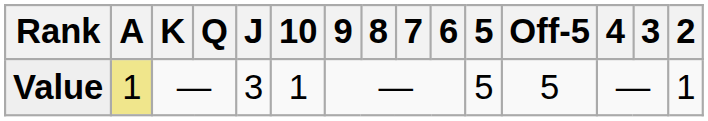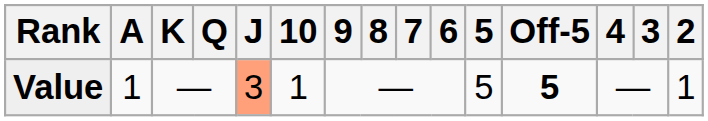 <table class="wikitable">
 <tr>
 <th>Rank</th>
 <th>A</th>
 <th>K</th>
 <th>Q</th>
 <th>J</th>
 <th>10</th>
 <th>9</th>
 <th>8</th>
 <th>7</th>
 <th>6</th>
 <th>5</th>
 <th>Off-5</th>
 <th>4</th>
 <th>3</th>
 <th>2</th>
 </tr>
 <tr align="center">
 <td style="background:#efefef;"><strong>Value</strong></td>
-<td style="background: khaki;">1</td>
+<td>1</td>
 <td colspan=2>—</td>
-<td>3</td>
+<td style="background: lightsalmon;">3</td>
 <td>1</td>
 <td colspan=4>—</td>
 <td>5</td>
-<td>5</td>
+<td><strong>5</strong></td>
 <td colspan=2>—</td>
 <td>1</td>
 </tr>
 </table>
